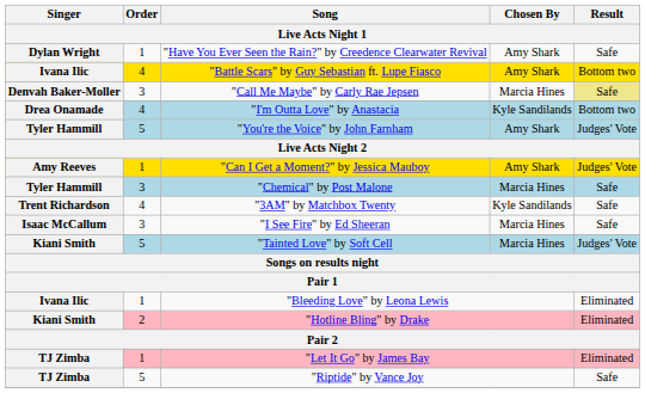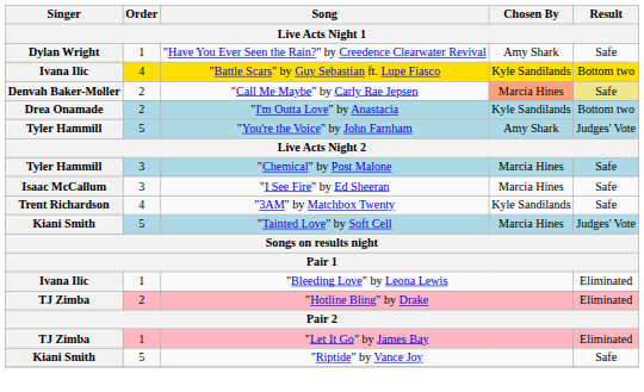 <table class="wikitable plainrowheaders" style="text-align:center;">
 <tr>
 <th scope="col">Singer</th>
 <th scope="col">Order</th>
 <th scope="col">Song</th>
 <th scope="col">Chosen By</th>
 <th scope="col">Result</th>
 </tr>
 <tr>
 <th colspan=5>Live Acts Night 1</th>
 </tr>
 <tr>
 <th>Dylan Wright</th>
 <td>1</td>
 <td>"<a href='#'>Have You Ever Seen the Rain?</a>" by <a href='#'>Creedence Clearwater Revival</a></td>
 <td>Amy Shark</td>
 <td>Safe</td>
 </tr>
 <tr style="background:#ffdf00">
 <th>Ivana Ilic</th>
 <td>4</td>
 <td>"<a href='#'>Battle Scars</a>" by <a href='#'>Guy Sebastian</a> ft. <a href='#'>Lupe Fiasco</a></td>
-<td>Amy Shark</td>
+<td>Kyle Sandilands</td>
 <td>Bottom two</td>
 </tr>
 <tr>
 <th>Denvah Baker-Moller</th>
-<td>3</td>
+<td>2</td>
 <td>"<a href='#'>Call Me Maybe</a>" by <a href='#'>Carly Rae Jepsen</a></td>
-<td>Marcia Hines</td>
+<td style="background: lightsalmon;">Marcia Hines</td>
 <td style="background: khaki;">Safe</td>
 </tr>
 <tr style="background-color:lightblue"|>
 <th>Drea Onamade</th>
-<td>4</td>
+<td>2</td>
 <td>"<a href='#'>I'm Outta Love</a>" by <a href='#'>Anastacia</a></td>
 <td>Kyle Sandilands</td>
 <td>Bottom two</td>
 </tr>
 <tr style="background-color:lightblue"|>
 <th>Tyler Hammill</th>
 <td>5</td>
 <td>"<a href='#'>You're the Voice</a>" by <a href='#'>John Farnham</a></td>
 <td>Amy Shark</td>
 <td>Judges' Vote</td>
 </tr>
 <tr>
 <th colspan=5>Live Acts Night 2</th>
 </tr>
-<tr style="background:#ffdf00">
-<th>Amy Reeves</th>
-<td>1</td>
-<td>"<a href='#'>Can I  Get a Moment?</a>" by <a href='#'>Jessica Mauboy</a></td>
-<td>Amy Shark</td>
-<td>Judges' Vote</td>
-</tr>
 <tr style="background-color:lightblue"|>
 <th>Tyler Hammill</th>
 <td>3</td>
 <td>"<a href='#'>Chemical</a>" by <a href='#'>Post Malone</a></td>
 <td>Marcia Hines</td>
 <td>Safe</td>
 </tr>
 <tr>
+<th>Isaac McCallum</th>
+<td>3</td>
+<td>"<a href='#'>I See Fire</a>" by <a href='#'>Ed Sheeran</a></td>
+<td>Marcia Hines</td>
+<td>Safe</td>
+</tr>
+<tr>
 <th>Trent Richardson</th>
 <td>4</td>
 <td>"<a href='#'>3AM</a>" by <a href='#'>Matchbox Twenty</a></td>
 <td>Kyle Sandilands</td>
-<td>Safe</td>
-</tr>
-<tr>
-<th>Isaac McCallum</th>
-<td>3</td>
-<td>"<a href='#'>I See Fire</a>" by <a href='#'>Ed Sheeran</a></td>
-<td>Marcia Hines</td>
 <td>Safe</td>
 </tr>
 <tr style="background-color:lightblue"|>
 <th>Kiani Smith</th>
 <td>5</td>
 <td>"<a href='#'>Tainted Love</a>" by <a href='#'>Soft Cell</a></td>
 <td>Marcia Hines</td>
 <td>Judges' Vote</td>
 </tr>
 <tr>
 <th colspan="5">Songs on results night</th>
 </tr>
 <tr>
 <th colspan="5">Pair 1</th>
 </tr>
 <tr>
 <th>Ivana Ilic</th>
 <td>1</td>
 <td colspan=2>"<a href='#'>Bleeding Love</a>" by <a href='#'>Leona Lewis</a></td>
 <td>Eliminated</td>
 </tr>
 <tr style="background-color:lightpink"|>
-<th>Kiani Smith</th>
+<th>TJ Zimba</th>
 <td>2</td>
 <td colspan=2>"<a href='#'>Hotline Bling</a>" by <a href='#'>Drake</a></td>
 <td>Eliminated</td>
 </tr>
 <tr>
 <th colspan="5">Pair 2</th>
 </tr>
 <tr style="background-color:lightpink"|>
 <th>TJ Zimba</th>
 <td>1</td>
 <td colspan=2>"<a href='#'>Let It Go</a>" by <a href='#'>James Bay</a></td>
 <td>Eliminated</td>
 </tr>
 <tr>
-<th>TJ Zimba</th>
+<th>Kiani Smith</th>
 <td>5</td>
 <td colspan=2>"<a href='#'>Riptide</a>" by <a href='#'>Vance Joy</a></td>
 <td>Safe</td>
 </tr>
 <tr>
 </tr>
 </table>
